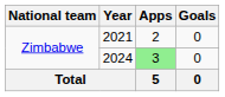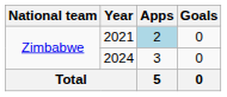 <table class="wikitable" style="text-align:center">
 <tr>
 <th>National team</th>
 <th>Year</th>
 <th>Apps</th>
 <th>Goals</th>
 </tr>
 <tr>
 <td rowspan="2"><a href='#'>Zimbabwe</a></td>
 <td>2021</td>
-<td>2</td>
+<td style="background: lightblue;">2</td>
 <td>0</td>
 </tr>
 <tr>
 <td>2024</td>
-<td style="background: lightgreen;">3</td>
+<td>3</td>
 <td>0</td>
 </tr>
 <tr>
 <th colspan="2">Total</th>
 <th>5</th>
 <th>0</th>
 </tr>
 </table>
